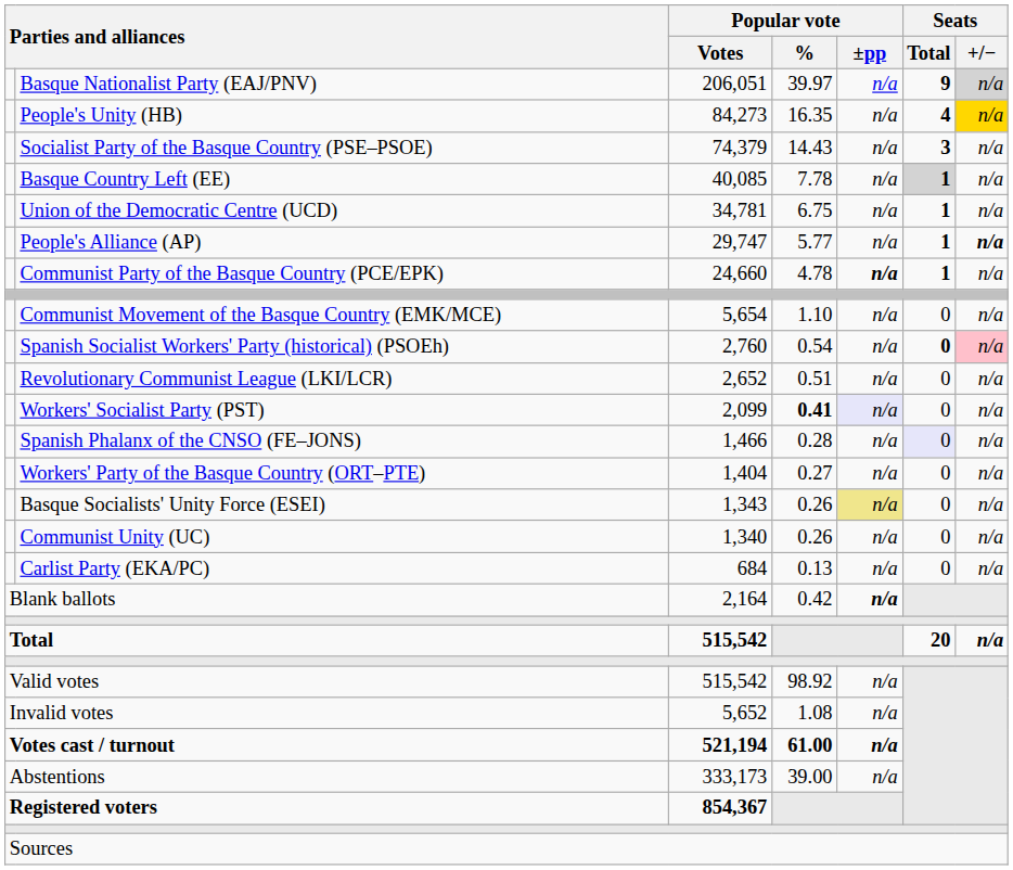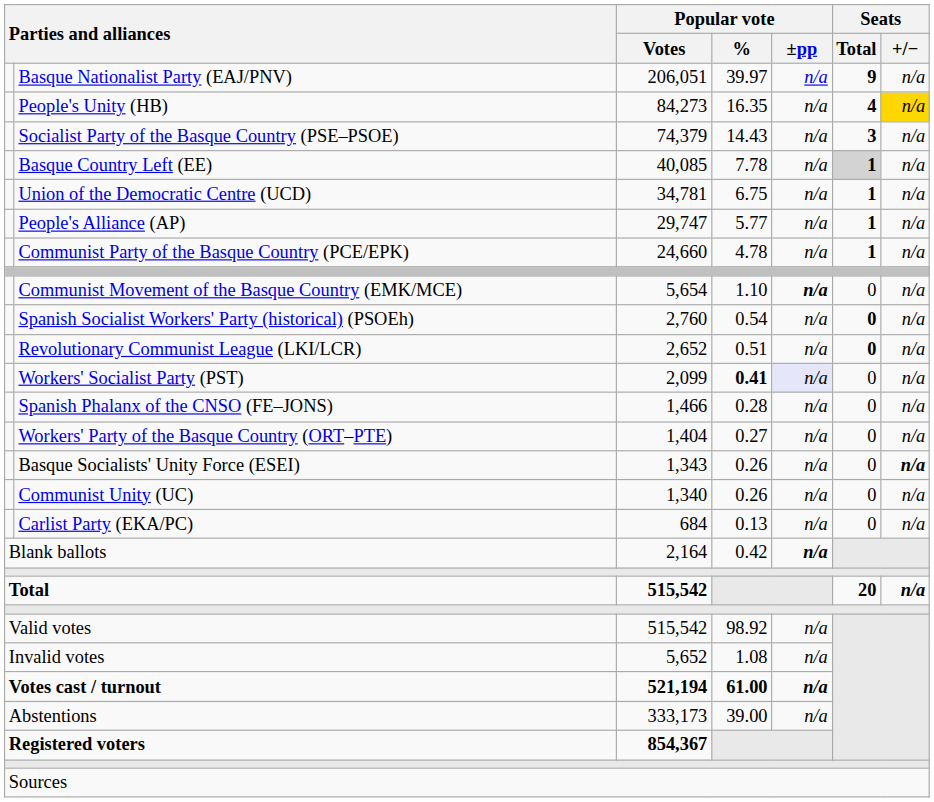 <table class="wikitable" style="text-align:right;">
 <tr>
 <th style="text-align:left;" rowspan="2" colspan="2" width="525">Parties and alliances</th>
 <th colspan="3">Popular vote</th>
 <th colspan="2">Seats</th>
 </tr>
 <tr>
 <th width="75">Votes</th>
 <th width="45">%</th>
 <th width="45">±<a href='#'>pp</a></th>
 <th width="35">Total</th>
 <th width="35">+/−</th>
 </tr>
 <tr>
 <td width="1" style="color:inherit;background:"></td>
 <td align="left"><a href='#'>Basque Nationalist Party</a> (EAJ/PNV)</td>
 <td>206,051</td>
 <td>39.97</td>
 <td><em><a href='#'>n/a</a></em></td>
 <td><strong>9</strong></td>
-<td style="background: lightgrey;"><em>n/a</em></td>
+<td><em>n/a</em></td>
 </tr>
 <tr>
 <td style="color:inherit;background:"></td>
 <td align="left"><a href='#'>People's Unity</a> (HB)</td>
 <td>84,273</td>
 <td>16.35</td>
 <td><em>n/a</em></td>
 <td><strong>4</strong></td>
 <td style="background: gold;"><em>n/a</em></td>
 </tr>
 <tr>
 <td style="color:inherit;background:"></td>
 <td align="left"><a href='#'>Socialist Party of the Basque Country</a> (PSE–PSOE)</td>
 <td>74,379</td>
 <td>14.43</td>
 <td><em>n/a</em></td>
 <td><strong>3</strong></td>
 <td><em>n/a</em></td>
 </tr>
 <tr>
 <td style="color:inherit;background:"></td>
 <td align="left"><a href='#'>Basque Country Left</a> (EE)</td>
 <td>40,085</td>
 <td>7.78</td>
 <td><em>n/a</em></td>
 <td style="background: lightgrey;"><strong>1</strong></td>
 <td><em>n/a</em></td>
 </tr>
 <tr>
 <td style="color:inherit;background:"></td>
 <td align="left"><a href='#'>Union of the Democratic Centre</a> (UCD)</td>
 <td>34,781</td>
 <td>6.75</td>
 <td><em>n/a</em></td>
 <td><strong>1</strong></td>
 <td><em>n/a</em></td>
 </tr>
 <tr>
 <td style="color:inherit;background:"></td>
 <td align="left"><a href='#'>People's Alliance</a> (AP)</td>
 <td>29,747</td>
 <td>5.77</td>
 <td><em>n/a</em></td>
 <td><strong>1</strong></td>
-<td><strong><em>n/a</em></strong></td>
+<td><em>n/a</em></td>
 </tr>
 <tr>
 <td style="color:inherit;background:"></td>
 <td align="left"><a href='#'>Communist Party of the Basque Country</a> (PCE/EPK)</td>
 <td>24,660</td>
 <td>4.78</td>
-<td><strong><em>n/a</em></strong></td>
+<td><em>n/a</em></td>
 <td><strong>1</strong></td>
 <td><em>n/a</em></td>
 </tr>
 <tr>
 <td colspan="7" bgcolor="#C0C0C0"></td>
 </tr>
 <tr>
 <td style="color:inherit;background:"></td>
 <td align="left"><a href='#'>Communist Movement of the Basque Country</a> (EMK/MCE)</td>
 <td>5,654</td>
 <td>1.10</td>
-<td><em>n/a</em></td>
+<td><strong><em>n/a</em></strong></td>
 <td>0</td>
 <td><em>n/a</em></td>
 </tr>
 <tr>
 <td style="color:inherit;background:"></td>
 <td align="left"><a href='#'>Spanish Socialist Workers' Party (historical)</a> (PSOEh)</td>
 <td>2,760</td>
 <td>0.54</td>
 <td><em>n/a</em></td>
 <td><strong>0</strong></td>
-<td style="background: pink;"><em>n/a</em></td>
+<td><em>n/a</em></td>
 </tr>
 <tr>
 <td style="color:inherit;background:"></td>
 <td align="left"><a href='#'>Revolutionary Communist League</a> (LKI/LCR)</td>
 <td>2,652</td>
 <td>0.51</td>
 <td><em>n/a</em></td>
-<td>0</td>
+<td><strong>0</strong></td>
 <td><em>n/a</em></td>
 </tr>
 <tr>
 <td style="color:inherit;background:"></td>
 <td align="left"><a href='#'>Workers' Socialist Party</a> (PST)</td>
 <td>2,099</td>
 <td><strong>0.41</strong></td>
 <td style="background: lavender;"><em>n/a</em></td>
 <td>0</td>
 <td><em>n/a</em></td>
 </tr>
 <tr>
 <td style="color:inherit;background:"></td>
 <td align="left"><a href='#'>Spanish Phalanx of the CNSO</a> (FE–JONS)</td>
 <td>1,466</td>
 <td>0.28</td>
 <td><em>n/a</em></td>
-<td style="background: lavender;">0</td>
+<td>0</td>
 <td><em>n/a</em></td>
 </tr>
 <tr>
 <td style="color:inherit;background:"></td>
 <td align="left"><a href='#'>Workers' Party of the Basque Country</a> (<a href='#'>ORT</a>–<a href='#'>PTE</a>)</td>
 <td>1,404</td>
 <td>0.27</td>
 <td><em>n/a</em></td>
 <td>0</td>
 <td><em>n/a</em></td>
 </tr>
 <tr>
 <td style="color:inherit;background:"></td>
 <td align="left">Basque Socialists' Unity Force (ESEI)</td>
 <td>1,343</td>
 <td>0.26</td>
-<td style="background: khaki;"><em>n/a</em></td>
+<td><em>n/a</em></td>
 <td>0</td>
-<td><em>n/a</em></td>
+<td><strong><em>n/a</em></strong></td>
 </tr>
 <tr>
 <td style="color:inherit;background:"></td>
 <td align="left"><a href='#'>Communist Unity</a> (UC)</td>
 <td>1,340</td>
 <td>0.26</td>
 <td><em>n/a</em></td>
 <td>0</td>
 <td><em>n/a</em></td>
 </tr>
 <tr>
 <td style="color:inherit;background:"></td>
 <td align="left"><a href='#'>Carlist Party</a> (EKA/PC)</td>
 <td>684</td>
 <td>0.13</td>
 <td><em>n/a</em></td>
 <td>0</td>
 <td><em>n/a</em></td>
 </tr>
 <tr>
 <td align="left" colspan="2">Blank ballots</td>
 <td>2,164</td>
 <td>0.42</td>
 <td><strong><em>n/a</em></strong></td>
 <td bgcolor="#E9E9E9" colspan="2"></td>
 </tr>
 <tr>
 <td colspan="7" bgcolor="#E9E9E9"></td>
 </tr>
 <tr style="font-weight:bold;">
 <td align="left" colspan="2">Total</td>
 <td>515,542</td>
 <td bgcolor="#E9E9E9" colspan="2"></td>
 <td>20</td>
 <td><em>n/a</em></td>
 </tr>
 <tr>
 <td colspan="7" bgcolor="#E9E9E9"></td>
 </tr>
 <tr>
 <td align="left" colspan="2">Valid votes</td>
 <td>515,542</td>
 <td>98.92</td>
 <td><em>n/a</em></td>
 <td bgcolor="#E9E9E9" colspan="2" rowspan="5"></td>
 </tr>
 <tr>
 <td align="left" colspan="2">Invalid votes</td>
 <td>5,652</td>
 <td>1.08</td>
 <td><em>n/a</em></td>
 </tr>
 <tr style="font-weight:bold;">
 <td align="left" colspan="2">Votes cast / turnout</td>
 <td>521,194</td>
 <td>61.00</td>
 <td><em>n/a</em></td>
 </tr>
 <tr>
 <td align="left" colspan="2">Abstentions</td>
 <td>333,173</td>
 <td>39.00</td>
 <td><em>n/a</em></td>
 </tr>
 <tr style="font-weight:bold;">
 <td align="left" colspan="2">Registered voters</td>
 <td>854,367</td>
 <td bgcolor="#E9E9E9" colspan="2"></td>
 </tr>
 <tr>
 <td colspan="7" bgcolor="#E9E9E9"></td>
 </tr>
 <tr>
 <td align="left" colspan="7">Sources</td>
 </tr>
 </table>
